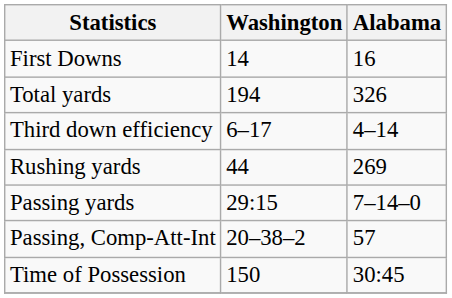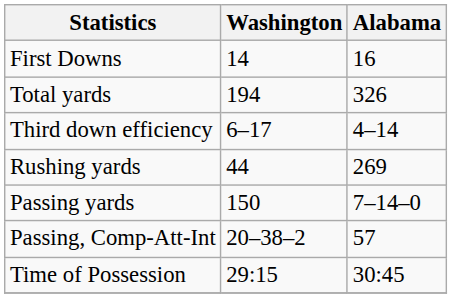 <table class="wikitable">
 <tr>
 <th>Statistics</th>
 <th>Washington</th>
 <th>Alabama</th>
 </tr>
 <tr>
 <td>First Downs</td>
 <td>14</td>
 <td>16</td>
 </tr>
 <tr>
 <td>Total yards</td>
 <td>194</td>
 <td>326</td>
 </tr>
 <tr>
 <td>Third down efficiency</td>
 <td>6–17</td>
 <td>4–14</td>
 </tr>
 <tr>
 <td>Rushing yards</td>
 <td>44</td>
 <td>269</td>
 </tr>
 <tr>
 <td>Passing yards</td>
-<td>29:15</td>
+<td>150</td>
 <td>7–14–0</td>
 </tr>
 <tr>
 <td>Passing, Comp-Att-Int</td>
 <td>20–38–2</td>
 <td>57</td>
 </tr>
 <tr>
 <td>Time of Possession</td>
-<td>150</td>
+<td>29:15</td>
 <td>30:45</td>
 </tr>
 <tr>
 </tr>
 </table>
